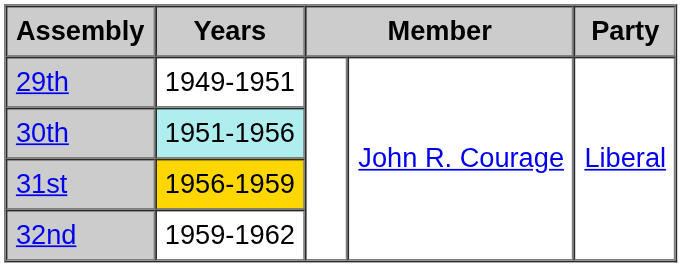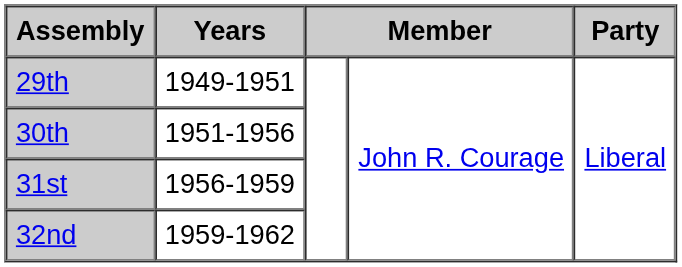 <table border=1 cellpadding=5 cellspacing=0>
 <tr bgcolor="CCCCCC">
 <th>Assembly</th>
 <th>Years</th>
 <th colspan="2">Member</th>
 <th>Party</th>
 </tr>
 <tr>
 <td bgcolor="CCCCCC"><a href='#'>29th</a></td>
 <td>1949-1951</td>
 <td rowspan="4" >   </td>
 <td rowspan="4"><a href='#'>John R. Courage</a></td>
 <td rowspan="4"><a href='#'>Liberal</a></td>
 </tr>
 <tr>
 <td bgcolor="CCCCCC"><a href='#'>30th</a></td>
-<td style="background: paleturquoise;">1951-1956</td>
+<td>1951-1956</td>
 </tr>
 <tr>
 <td bgcolor="CCCCCC"><a href='#'>31st</a></td>
-<td style="background: gold;">1956-1959</td>
+<td>1956-1959</td>
 </tr>
 <tr>
 <td bgcolor="CCCCCC"><a href='#'>32nd</a></td>
 <td>1959-1962</td>
 </tr>
 </table>
